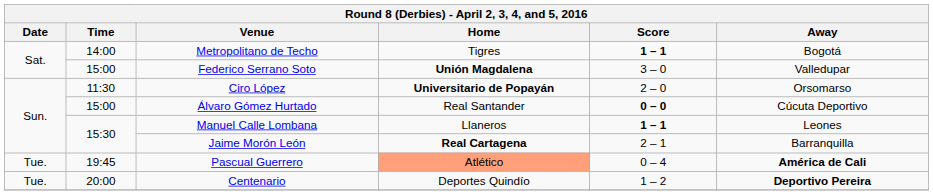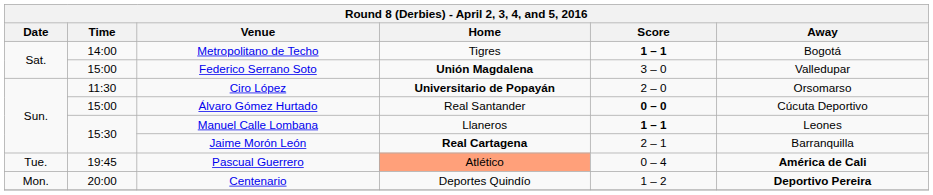 <table class="wikitable collapsible collapsed" style="font-size:95%; text-align: center; width: 95%;">
 <tr>
 <th colspan="12" style="with: 100%;" align=center>Round 8 (Derbies) - April 2, 3, 4, and 5, 2016</th>
 </tr>
 <tr>
 <th width="10">Date</th>
 <th width="20">Time</th>
 <th width="150">Venue</th>
 <th width="130">Home</th>
 <th width="75">Score</th>
 <th width="130">Away</th>
 </tr>
 <tr align=center>
 <td rowspan=2>Sat.</td>
 <td>14:00</td>
 <td><a href='#'>Metropolitano de Techo</a></td>
 <td>Tigres</td>
 <td><strong>1 – 1</strong></td>
 <td>Bogotá</td>
 </tr>
 <tr align=center>
 <td>15:00</td>
 <td><a href='#'>Federico Serrano Soto</a></td>
 <td><strong>Unión Magdalena</strong></td>
 <td>3 – 0</td>
 <td>Valledupar</td>
 </tr>
 <tr align=center>
 <td rowspan=4>Sun.</td>
 <td>11:30</td>
 <td><a href='#'>Ciro López</a></td>
 <td><strong>Universitario de Popayán</strong></td>
 <td>2 – 0</td>
 <td>Orsomarso</td>
 </tr>
 <tr align=center>
 <td>15:00</td>
 <td><a href='#'>Álvaro Gómez Hurtado</a></td>
 <td>Real Santander</td>
 <td><strong>0 – 0</strong></td>
 <td>Cúcuta Deportivo</td>
 </tr>
 <tr align=center>
 <td rowspan=2>15:30</td>
 <td><a href='#'>Manuel Calle Lombana</a></td>
 <td>Llaneros</td>
 <td><strong>1 – 1</strong></td>
 <td>Leones</td>
 </tr>
 <tr align=center>
 <td><a href='#'>Jaime Morón León</a></td>
 <td><strong>Real Cartagena</strong></td>
 <td>2 – 1</td>
 <td>Barranquilla</td>
 </tr>
 <tr align=center>
 <td>Tue.</td>
 <td>19:45</td>
 <td><a href='#'>Pascual Guerrero</a></td>
 <td style="background: lightsalmon;">Atlético</td>
 <td>0 – 4</td>
 <td><strong>América de Cali</strong></td>
 </tr>
 <tr align=center>
-<td>Tue.</td>
+<td>Mon.</td>
 <td>20:00</td>
 <td><a href='#'>Centenario</a></td>
 <td>Deportes Quindío</td>
 <td>1 – 2</td>
 <td><strong>Deportivo Pereira</strong></td>
 </tr>
 <tr align=center>
 </tr>
 </table>
